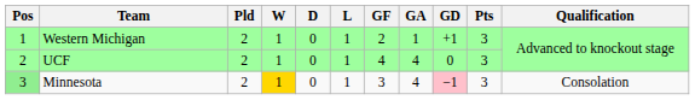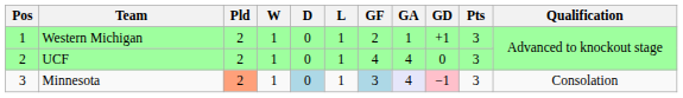 <table class="wikitable" style="text-align:center; margin: 1em auto">
 <tr>
 <th style="width:2em">Pos</th>
 <th style="width:13em">Team</th>
 <th style="width:2em">Pld</th>
 <th style="width:2em">W</th>
 <th style="width:2em">D</th>
 <th style="width:2em">L</th>
 <th style="width:2em">GF</th>
 <th style="width:2em">GA</th>
 <th style="width:2em">GD</th>
 <th style="width:2em">Pts</th>
 <th style="width:13em">Qualification</th>
 </tr>
 <tr bgcolor="#9eff9e">
 <td>1</td>
 <td style="text-align:left">Western Michigan</td>
 <td>2</td>
 <td>1</td>
 <td>0</td>
 <td>1</td>
 <td>2</td>
 <td>1</td>
 <td>+1</td>
 <td>3</td>
 <td rowspan="2">Advanced to knockout stage</td>
 </tr>
 <tr bgcolor="#9eff9e">
 <td>2</td>
 <td style="text-align:left">UCF</td>
 <td>2</td>
 <td>1</td>
 <td>0</td>
 <td>1</td>
 <td>4</td>
 <td>4</td>
 <td>0</td>
 <td>3</td>
 </tr>
 <tr>
-<td style="background: lightgreen;">3</td>
+<td>3</td>
 <td style="text-align:left">Minnesota</td>
-<td>2</td>
-<td style="background: gold;">1</td>
-<td>0</td>
+<td style="background: lightsalmon;">2</td>
 <td>1</td>
-<td>3</td>
-<td>4</td>
+<td style="background: lightblue;">0</td>
+<td>1</td>
+<td style="background: lightblue;">3</td>
+<td style="background: lavender;">4</td>
 <td style="background: pink;">−1</td>
 <td>3</td>
 <td>Consolation</td>
 </tr>
 </table>
